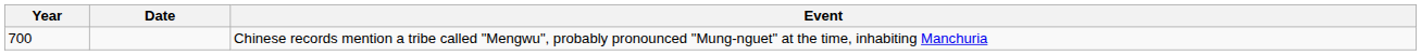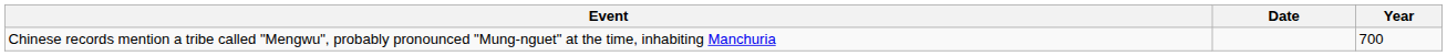 <table class="wikitable" width="100%">
 <tr>
+<th>Event</th>
+<th style="width:10%">Date</th>
 <th style="width:6%">Year</th>
-<th style="width:10%">Date</th>
-<th>Event</th>
 </tr>
 <tr>
+<td>Chinese records mention a tribe called "Mengwu", probably pronounced "Mung-nguet" at the time, inhabiting <a href='#'>Manchuria</a></td>
+<td></td>
 <td>700</td>
-<td></td>
-<td>Chinese records mention a tribe called "Mengwu", probably pronounced "Mung-nguet" at the time, inhabiting <a href='#'>Manchuria</a></td>
 </tr>
 </table>
